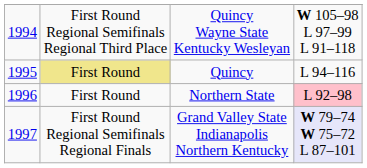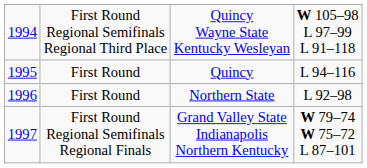 <table class="wikitable" style="text-align:center">
 <tr>
 </tr>
 <tr align="center">
 <td><a href='#'>1994</a></td>
 <td>First Round <br>Regional Semifinals<br>Regional Third Place</td>
 <td><a href='#'>Quincy</a><br><a href='#'>Wayne State</a><br><a href='#'>Kentucky Wesleyan</a></td>
 <td><strong>W</strong> 105–98<br>L 97–99<br> L 91–118</td>
 </tr>
 <tr>
 <td><a href='#'>1995</a></td>
-<td style="background: khaki;">First Round</td>
+<td>First Round</td>
 <td><a href='#'>Quincy</a></td>
 <td>L 94–116</td>
 </tr>
 <tr>
 <td><a href='#'>1996</a></td>
 <td>First Round</td>
 <td><a href='#'>Northern State</a></td>
-<td style="background: pink;">L 92–98</td>
+<td>L 92–98</td>
 </tr>
 <tr>
 <td><a href='#'>1997</a></td>
 <td>First Round<br>Regional Semifinals<br>Regional Finals</td>
 <td><a href='#'>Grand Valley State</a><br><a href='#'>Indianapolis</a><br><a href='#'>Northern Kentucky</a></td>
-<td style="background: lavender;"><strong>W</strong> 79–74<br><strong>W</strong> 75–72<br>L 87–101</td>
+<td><strong>W</strong> 79–74<br><strong>W</strong> 75–72<br>L 87–101</td>
 </tr>
 </table>
